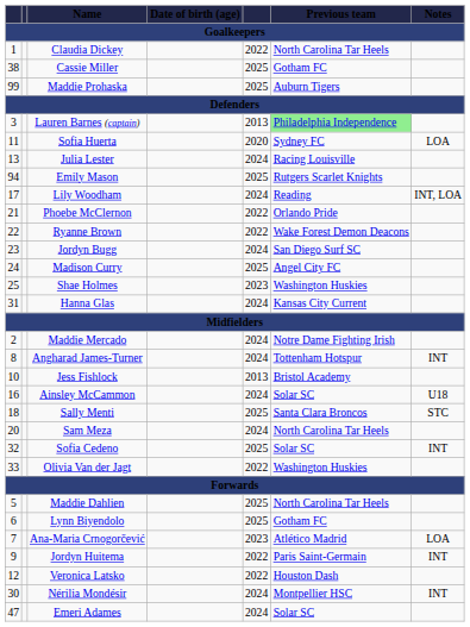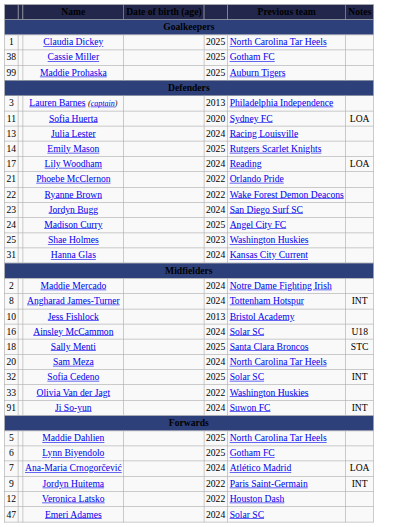 <table class="wikitable" style="text-align:center;">
 <tr>
 <th style="background:#22274B; "></th>
 <th style="background:#22274B; "></th>
 <th style="background:#22274B; ">Name</th>
 <th style="background:#22274B; ">Date of birth (age)</th>
 <th style="background:#22274B; "></th>
 <th style="background:#22274B; ">Previous team</th>
 <th style="background:#22274B; ">Notes</th>
 </tr>
 <tr>
 <th colspan="7" style="background:#2E407A; ">Goalkeepers</th>
 </tr>
 <tr>
 <td>1</td>
 <td align="left"></td>
 <td><a href='#'>Claudia Dickey</a></td>
 <td></td>
-<td>2022</td>
+<td>2025</td>
 <td align="left"> <a href='#'>North Carolina Tar Heels</a></td>
 <td></td>
 </tr>
 <tr>
 <td>38</td>
 <td align="left"></td>
 <td><a href='#'>Cassie Miller</a></td>
 <td></td>
 <td>2025</td>
 <td align="left"> <a href='#'>Gotham FC</a></td>
 <td></td>
 </tr>
 <tr>
 <td>99</td>
 <td align="left"></td>
 <td><a href='#'>Maddie Prohaska</a></td>
 <td></td>
 <td>2025</td>
 <td align="left"> <a href='#'>Auburn Tigers</a></td>
 <td></td>
 </tr>
 <tr>
 <th colspan="7" style="background:#2E407A; ">Defenders</th>
 </tr>
 <tr>
 <td>3</td>
 <td align="left"></td>
 <td><a href='#'>Lauren Barnes</a> <em><small>(<a href='#'>captain</a>)</small></em></td>
 <td></td>
 <td>2013</td>
-<td align="left" style="background: lightgreen;"> <a href='#'>Philadelphia Independence</a></td>
+<td align="left"> <a href='#'>Philadelphia Independence</a></td>
 <td></td>
 </tr>
 <tr>
 <td>11</td>
 <td align="left"></td>
 <td><a href='#'>Sofia Huerta</a></td>
 <td></td>
 <td>2020</td>
 <td align="left"> <a href='#'>Sydney FC</a></td>
 <td>LOA</td>
 </tr>
 <tr>
 <td>13</td>
 <td align="left"></td>
 <td><a href='#'>Julia Lester</a></td>
 <td></td>
 <td>2024</td>
 <td align="left"> <a href='#'>Racing Louisville</a></td>
 <td></td>
 </tr>
 <tr>
-<td>94</td>
+<td>14</td>
 <td align="left"></td>
 <td><a href='#'>Emily Mason</a></td>
 <td></td>
 <td>2025</td>
 <td align="left"> <a href='#'>Rutgers Scarlet Knights</a></td>
 <td></td>
 </tr>
 <tr>
 <td>17</td>
 <td align="left"></td>
 <td><a href='#'>Lily Woodham</a></td>
 <td></td>
 <td>2024</td>
 <td align="left"> <a href='#'>Reading</a></td>
-<td>INT, LOA</td>
+<td>LOA</td>
 </tr>
 <tr>
 <td>21</td>
 <td align="left"></td>
 <td><a href='#'>Phoebe McClernon</a></td>
 <td></td>
 <td>2022</td>
 <td align="left"> <a href='#'>Orlando Pride</a></td>
 <td></td>
 </tr>
 <tr>
 <td>22</td>
 <td align="left"></td>
 <td><a href='#'>Ryanne Brown</a></td>
 <td></td>
 <td>2022</td>
 <td align="left"> <a href='#'>Wake Forest Demon Deacons</a></td>
 <td></td>
 </tr>
 <tr>
 <td>23</td>
 <td align="left"></td>
 <td><a href='#'>Jordyn Bugg</a></td>
 <td></td>
 <td>2024</td>
 <td align="left"> <a href='#'>San Diego Surf SC</a></td>
 <td></td>
 </tr>
 <tr>
 <td>24</td>
 <td align="left"></td>
 <td><a href='#'>Madison Curry</a></td>
 <td></td>
 <td>2025</td>
 <td align="left"> <a href='#'>Angel City FC</a></td>
 <td></td>
 </tr>
 <tr>
 <td>25</td>
 <td align="left"></td>
 <td><a href='#'>Shae Holmes</a></td>
 <td></td>
 <td>2023</td>
 <td align="left"> <a href='#'>Washington Huskies</a></td>
 <td></td>
 </tr>
 <tr>
 <td>31</td>
 <td align="left"></td>
 <td><a href='#'>Hanna Glas</a></td>
 <td></td>
 <td>2024</td>
 <td align="left"> <a href='#'>Kansas City Current</a></td>
 <td></td>
 </tr>
 <tr>
 <th colspan="7" style="background:#2E407A; ">Midfielders</th>
 </tr>
 <tr>
 <td>2</td>
 <td align="left"></td>
 <td><a href='#'>Maddie Mercado</a></td>
 <td></td>
 <td>2024</td>
 <td align="left"> <a href='#'>Notre Dame Fighting Irish</a></td>
 <td></td>
 </tr>
 <tr>
 <td>8</td>
 <td align="left"></td>
 <td><a href='#'>Angharad James-Turner</a></td>
 <td></td>
 <td>2024</td>
 <td align="left"> <a href='#'>Tottenham Hotspur</a></td>
 <td>INT</td>
 </tr>
 <tr>
 <td>10</td>
 <td align="left"></td>
 <td><a href='#'>Jess Fishlock</a></td>
 <td></td>
 <td>2013</td>
 <td align="left"> <a href='#'>Bristol Academy</a></td>
 <td></td>
 </tr>
 <tr>
 <td>16</td>
 <td align="left"></td>
 <td><a href='#'>Ainsley McCammon</a></td>
 <td></td>
 <td>2024</td>
 <td align="left"> <a href='#'>Solar SC</a></td>
 <td>U18</td>
 </tr>
 <tr>
 <td>18</td>
 <td align="left"></td>
 <td><a href='#'>Sally Menti</a></td>
 <td></td>
 <td>2025</td>
 <td align="left"> <a href='#'>Santa Clara Broncos</a></td>
 <td>STC</td>
 </tr>
 <tr>
 <td>20</td>
 <td align="left"></td>
 <td><a href='#'>Sam Meza</a></td>
 <td></td>
 <td>2024</td>
 <td align="left"> <a href='#'>North Carolina Tar Heels</a></td>
 <td></td>
 </tr>
 <tr>
 <td>32</td>
 <td align="left"></td>
 <td><a href='#'>Sofia Cedeno</a></td>
 <td></td>
 <td>2025</td>
 <td align="left"> <a href='#'>Solar SC</a></td>
 <td>INT</td>
 </tr>
 <tr>
 <td>33</td>
 <td align="left"></td>
 <td><a href='#'>Olivia Van der Jagt</a></td>
 <td></td>
 <td>2022</td>
 <td align="left"> <a href='#'>Washington Huskies</a></td>
 <td></td>
 </tr>
 <tr>
+<td>91</td>
+<td align="left"></td>
+<td><a href='#'>Ji So-yun</a></td>
+<td></td>
+<td>2024</td>
+<td align="left"> <a href='#'>Suwon FC</a></td>
+<td>INT</td>
+</tr>
+<tr>
 <th colspan="7" style="background:#2E407A; ">Forwards</th>
 </tr>
 <tr>
 <td>5</td>
 <td align="left"></td>
 <td><a href='#'>Maddie Dahlien</a></td>
 <td></td>
 <td>2025</td>
 <td align="left"> <a href='#'>North Carolina Tar Heels</a></td>
 <td></td>
 </tr>
 <tr>
 <td>6</td>
 <td align="left"></td>
 <td><a href='#'>Lynn Biyendolo</a></td>
 <td></td>
 <td>2025</td>
 <td align="left"> <a href='#'>Gotham FC</a></td>
 <td></td>
 </tr>
 <tr>
 <td>7</td>
 <td align="left"></td>
 <td><a href='#'>Ana-Maria Crnogorčević</a></td>
 <td></td>
-<td>2023</td>
+<td>2024</td>
 <td align="left"> <a href='#'>Atlético Madrid</a></td>
 <td>LOA</td>
 </tr>
 <tr>
 <td>9</td>
 <td align="left"></td>
 <td><a href='#'>Jordyn Huitema</a></td>
 <td></td>
 <td>2022</td>
 <td align="left"> <a href='#'>Paris Saint-Germain</a></td>
 <td>INT</td>
 </tr>
 <tr>
 <td>12</td>
 <td align="left"></td>
 <td><a href='#'>Veronica Latsko</a></td>
 <td></td>
 <td>2022</td>
 <td align="left"> <a href='#'>Houston Dash</a></td>
 <td></td>
 </tr>
 <tr>
-<td>30</td>
-<td align="left"></td>
-<td><a href='#'>Nérilia Mondésir</a></td>
-<td></td>
-<td>2024</td>
-<td align="left"> <a href='#'>Montpellier HSC</a></td>
-<td>INT</td>
-</tr>
-<tr>
 <td>47</td>
 <td align="left"></td>
 <td><a href='#'>Emeri Adames</a></td>
 <td></td>
 <td>2024</td>
 <td align="left"> <a href='#'>Solar SC</a></td>
 <td></td>
 </tr>
 </table>
